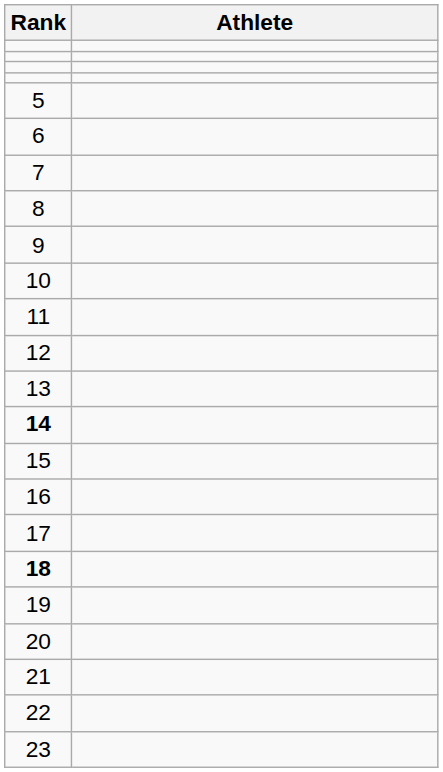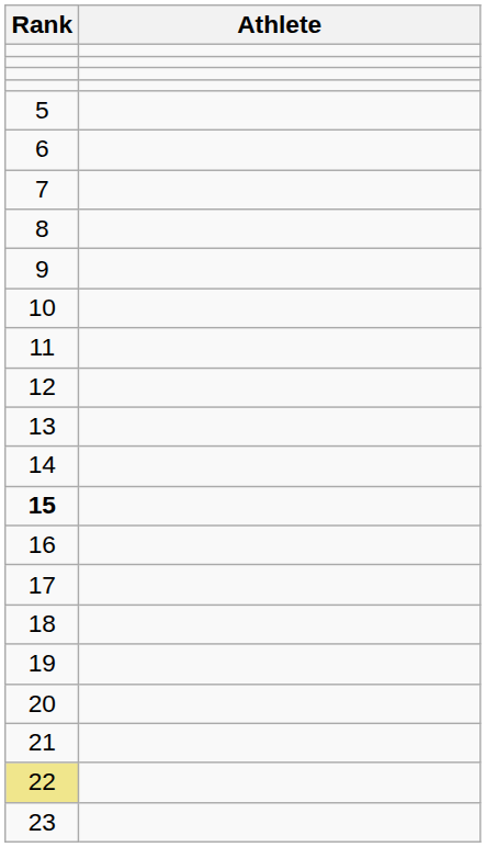 <table class="wikitable" style="text-align: center;">
 <tr>
 <th width=40>Rank</th>
 <th width=250>Athlete</th>
 </tr>
 <tr>
 <td></td>
 <td align=left></td>
 </tr>
 <tr>
 <td></td>
 <td align=left></td>
 </tr>
 <tr>
 <td></td>
 <td align=left></td>
 </tr>
 <tr>
 <td></td>
 <td align=left></td>
 </tr>
 <tr>
 <td>5</td>
 <td align=left></td>
 </tr>
 <tr>
 <td>6</td>
 <td align=left></td>
 </tr>
 <tr>
 <td>7</td>
 <td align=left></td>
 </tr>
 <tr>
 <td>8</td>
 <td align=left></td>
 </tr>
 <tr>
 <td>9</td>
 <td align=left></td>
 </tr>
 <tr>
 <td>10</td>
 <td align=left></td>
 </tr>
 <tr>
 <td>11</td>
 <td align=left></td>
 </tr>
 <tr>
 <td>12</td>
 <td align=left></td>
 </tr>
 <tr>
 <td>13</td>
 <td align=left></td>
 </tr>
 <tr>
-<td><strong>14</strong></td>
+<td>14</td>
 <td align=left></td>
 </tr>
 <tr>
-<td>15</td>
+<td><strong>15</strong></td>
 <td align=left></td>
 </tr>
 <tr>
 <td>16</td>
 <td align=left></td>
 </tr>
 <tr>
 <td>17</td>
 <td align=left></td>
 </tr>
 <tr>
-<td><strong>18</strong></td>
+<td>18</td>
 <td align=left></td>
 </tr>
 <tr>
 <td>19</td>
 <td align=left></td>
 </tr>
 <tr>
 <td>20</td>
 <td align=left></td>
 </tr>
 <tr>
 <td>21</td>
 <td align=left></td>
 </tr>
 <tr>
-<td>22</td>
+<td style="background: khaki;">22</td>
 <td align=left></td>
 </tr>
 <tr>
 <td>23</td>
 <td align=left></td>
 </tr>
 </table>
